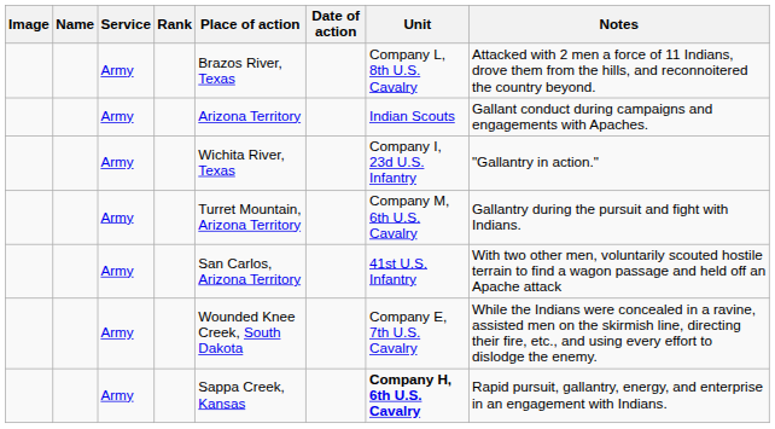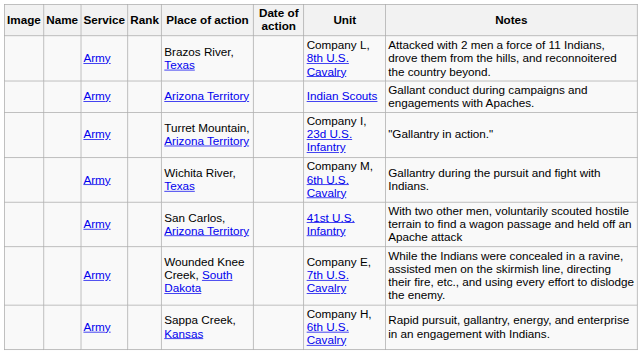 <table class="wikitable sortable">
 <tr>
 <th class="unsortable">Image</th>
 <th>Name</th>
 <th>Service</th>
 <th>Rank</th>
 <th>Place of action</th>
 <th>Date of action</th>
 <th>Unit</th>
 <th class="unsortable">Notes</th>
 </tr>
 <tr>
 <td></td>
 <td></td>
 <td><a href='#'>Army</a></td>
 <td></td>
 <td>Brazos River, <a href='#'>Texas</a></td>
 <td></td>
 <td>Company L, <a href='#'>8th U.S. Cavalry</a></td>
 <td>Attacked with 2 men a force of 11 Indians, drove them from the hills, and reconnoitered the country beyond.</td>
 </tr>
 <tr>
 <td></td>
 <td></td>
 <td><a href='#'>Army</a></td>
 <td></td>
 <td><a href='#'>Arizona Territory</a></td>
 <td></td>
 <td><a href='#'>Indian Scouts</a></td>
 <td>Gallant conduct during campaigns and engagements with Apaches.</td>
 </tr>
 <tr>
 <td></td>
 <td></td>
 <td><a href='#'>Army</a></td>
 <td></td>
-<td>Wichita River, <a href='#'>Texas</a></td>
+<td>Turret Mountain, <a href='#'>Arizona Territory</a></td>
 <td></td>
 <td>Company I, <a href='#'>23d U.S. Infantry</a></td>
 <td>"Gallantry in action."</td>
 </tr>
 <tr>
 <td></td>
 <td></td>
 <td><a href='#'>Army</a></td>
 <td></td>
-<td>Turret Mountain, <a href='#'>Arizona Territory</a></td>
+<td>Wichita River, <a href='#'>Texas</a></td>
 <td></td>
 <td>Company M, <a href='#'>6th U.S. Cavalry</a></td>
 <td>Gallantry during the pursuit and fight with Indians.</td>
 </tr>
 <tr>
 <td></td>
 <td></td>
 <td><a href='#'>Army</a></td>
 <td></td>
 <td>San Carlos, <a href='#'>Arizona Territory</a></td>
 <td></td>
 <td><a href='#'>41st U.S. Infantry</a></td>
 <td>With two other men, voluntarily scouted hostile terrain to find a wagon passage and held off an Apache attack</td>
 </tr>
 <tr>
 <td></td>
 <td></td>
 <td><a href='#'>Army</a></td>
 <td></td>
 <td>Wounded Knee Creek, <a href='#'>South Dakota</a></td>
 <td></td>
 <td>Company E, <a href='#'>7th U.S. Cavalry</a></td>
 <td>While the Indians were concealed in a ravine, assisted men on the skirmish line, directing their fire, etc., and using every effort to dislodge the enemy.</td>
 </tr>
 <tr>
 <td></td>
 <td></td>
 <td><a href='#'>Army</a></td>
 <td></td>
 <td>Sappa Creek, <a href='#'>Kansas</a></td>
 <td></td>
-<td><strong>Company H, <a href='#'>6th U.S. Cavalry</a></strong></td>
+<td>Company H, <a href='#'>6th U.S. Cavalry</a></td>
 <td>Rapid pursuit, gallantry, energy, and enterprise in an engagement with Indians.</td>
 </tr>
 </table>
